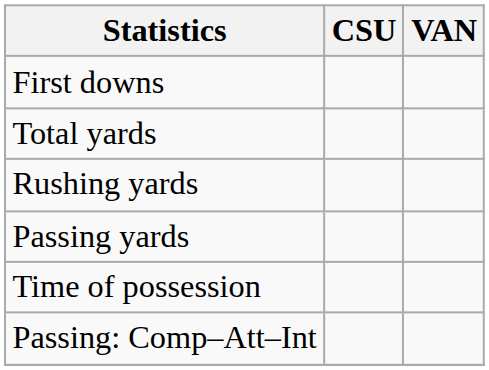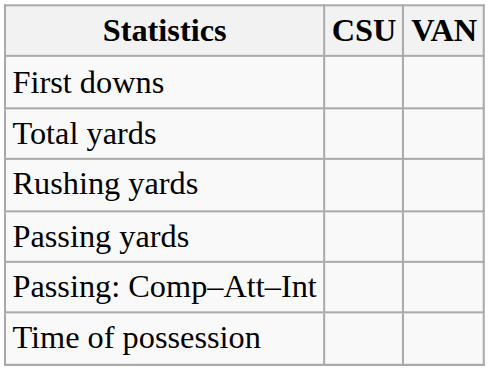 <table class="wikitable" style="float: left;">
 <tr>
 <th>Statistics</th>
 <th>CSU</th>
 <th>VAN</th>
 </tr>
 <tr>
 <td>First downs</td>
 <td></td>
 <td></td>
 </tr>
 <tr>
 <td>Total yards</td>
 <td></td>
 <td></td>
 </tr>
 <tr>
 <td>Rushing yards</td>
 <td></td>
 <td></td>
 </tr>
 <tr>
 <td>Passing yards</td>
 <td></td>
 <td></td>
 </tr>
 <tr>
-<td>Time of possession</td>
+<td>Passing: Comp–Att–Int</td>
 <td></td>
 <td></td>
 </tr>
 <tr>
-<td>Passing: Comp–Att–Int</td>
+<td>Time of possession</td>
 <td></td>
 <td></td>
 </tr>
 <tr>
 </tr>
 </table>
